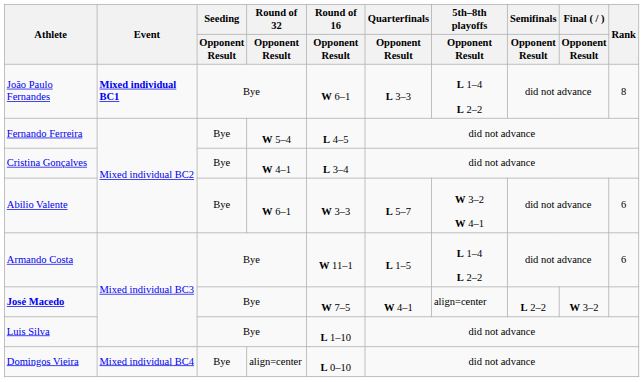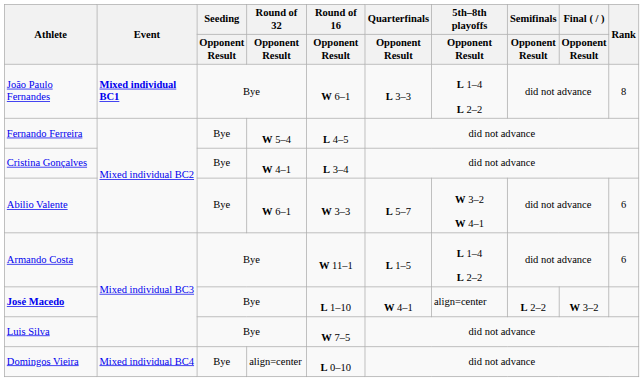 <table class="wikitable" style="font-size:90%;">
 <tr>
 <th rowspan=2>Athlete</th>
 <th rowspan=2>Event</th>
 <th>Seeding</th>
 <th>Round of 32</th>
 <th>Round of 16</th>
 <th>Quarterfinals</th>
 <th>5th–8th playoffs</th>
 <th>Semifinals</th>
 <th>Final ( / )</th>
 <th rowspan=2>Rank</th>
 </tr>
 <tr>
 <th>Opponent<br>Result</th>
 <th>Opponent<br>Result</th>
 <th>Opponent<br>Result</th>
 <th>Opponent<br>Result</th>
 <th>Opponent<br>Result</th>
 <th>Opponent<br>Result</th>
 <th>Opponent<br>Result</th>
 </tr>
 <tr>
 <td><a href='#'>João Paulo Fernandes</a></td>
 <td><strong><a href='#'>Mixed individual BC1</a></strong></td>
 <td align=center colspan=2>Bye</td>
 <td align=center><br><strong>W</strong> 6–1</td>
 <td align=center><br><strong>L</strong> 3–3</td>
 <td align=center><br><strong>L</strong> 1–4<br><br><strong>L</strong> 2–2</td>
 <td align=center colspan=2>did not advance</td>
 <td align=center>8</td>
 </tr>
 <tr>
 <td><a href='#'>Fernando Ferreira</a></td>
 <td rowspan=3><a href='#'>Mixed individual BC2</a></td>
 <td align=center>Bye</td>
 <td align=center><br><strong>W</strong> 5–4</td>
 <td align=center><br><strong>L</strong> 4–5</td>
 <td align=center colspan=5>did not advance</td>
 </tr>
 <tr>
 <td><a href='#'>Cristina Gonçalves</a></td>
 <td align=center>Bye</td>
 <td align=center><br><strong>W</strong> 4–1</td>
 <td align=center><br><strong>L</strong> 3–4</td>
 <td align=center colspan=5>did not advance</td>
 </tr>
 <tr>
 <td><a href='#'>Abilio Valente</a></td>
 <td align=center>Bye</td>
 <td align=center><br><strong>W</strong> 6–1</td>
 <td align=center><br><strong>W</strong> 3–3</td>
 <td align=center><br><strong>L</strong> 5–7</td>
 <td align=center><br><strong>W</strong> 3–2<br><br><strong>W</strong> 4–1</td>
 <td align=center colspan=2>did not advance</td>
 <td align=center>6</td>
 </tr>
 <tr>
 <td><a href='#'>Armando Costa</a></td>
 <td rowspan=3><a href='#'>Mixed individual BC3</a></td>
 <td align=center colspan=2>Bye</td>
 <td align=center><br><strong>W</strong> 11–1</td>
 <td align=center><br><strong>L</strong> 1–5</td>
 <td align=center><br><strong>L</strong> 1–4<br><br><strong>L</strong> 2–2</td>
 <td align=center colspan=2>did not advance</td>
 <td align=center>6</td>
 </tr>
 <tr>
 <td><strong><a href='#'>José Macedo</a></strong></td>
 <td align=center colspan=2>Bye</td>
-<td align=center><br><strong>W</strong> 7–5</td>
+<td align=center><br><strong>L</strong> 1–10</td>
 <td align=center><br><strong>W</strong> 4–1</td>
 <td>align=center </td>
 <td align=center><br><strong>L</strong> 2–2</td>
 <td align=center><br><strong>W</strong> 3–2</td>
 <td align=center></td>
 </tr>
 <tr>
 <td><a href='#'>Luis Silva</a></td>
 <td align=center colspan=2>Bye</td>
-<td align=center><br><strong>L</strong> 1–10</td>
+<td align=center><br><strong>W</strong> 7–5</td>
 <td align=center colspan=5>did not advance</td>
 </tr>
 <tr>
 <td><a href='#'>Domingos Vieira</a></td>
 <td><a href='#'>Mixed individual BC4</a></td>
 <td align=center>Bye</td>
 <td>align=center </td>
 <td align=center><br><strong>L</strong> 0–10</td>
 <td align=center colspan=5>did not advance</td>
 </tr>
 </table>
